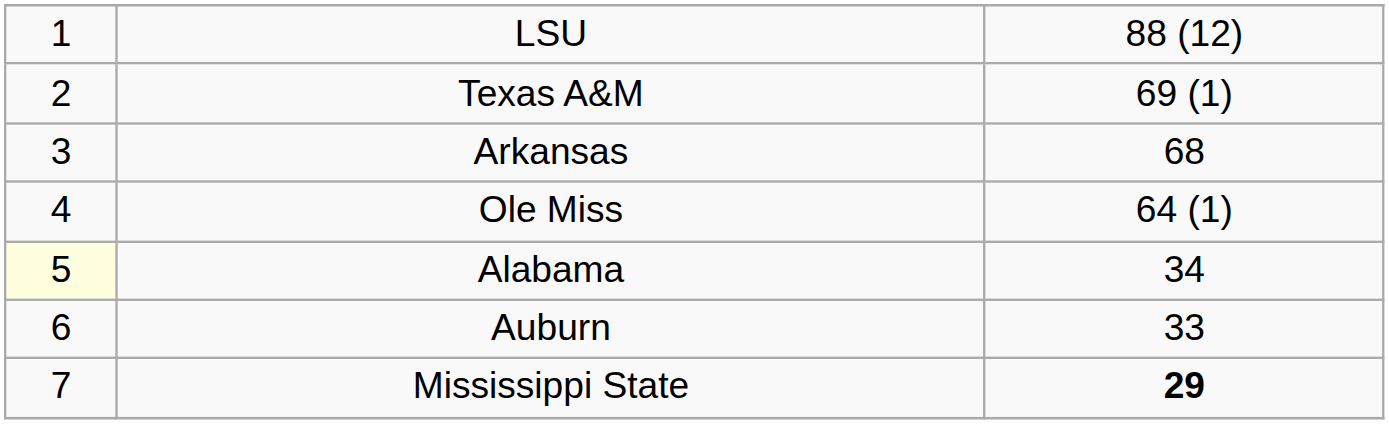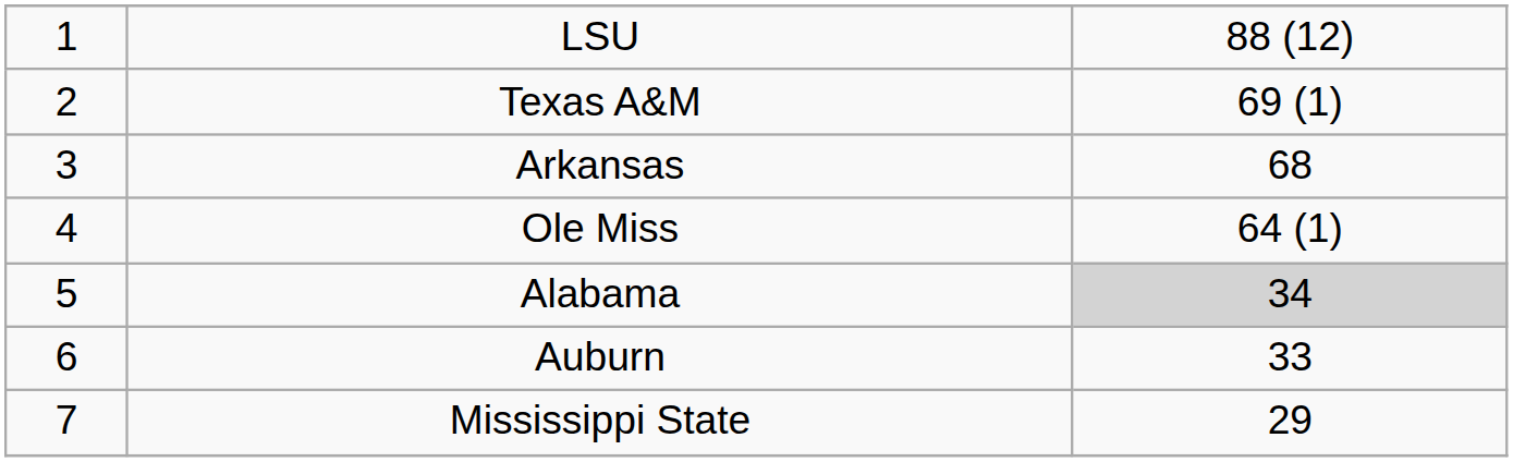 <table class="wikitable" style="width: 30%;text-align: center;">
 <tr align="center">
 </tr>
 <tr>
 <td>1</td>
 <td>LSU</td>
 <td>88 (12)</td>
 </tr>
 <tr>
 <td>2</td>
 <td>Texas A&M</td>
 <td>69 (1)</td>
 </tr>
 <tr>
 <td>3</td>
 <td>Arkansas</td>
 <td>68</td>
 </tr>
 <tr>
 <td>4</td>
 <td>Ole Miss</td>
 <td>64 (1)</td>
 </tr>
 <tr>
-<td style="background: lightyellow;">5</td>
+<td>5</td>
 <td>Alabama</td>
-<td>34</td>
+<td style="background: lightgrey;">34</td>
 </tr>
 <tr>
 <td>6</td>
 <td>Auburn</td>
 <td>33</td>
 </tr>
 <tr>
 <td>7</td>
 <td>Mississippi State</td>
-<td><strong>29</strong></td>
+<td>29</td>
 </tr>
 <tr>
 </tr>
 </table>
